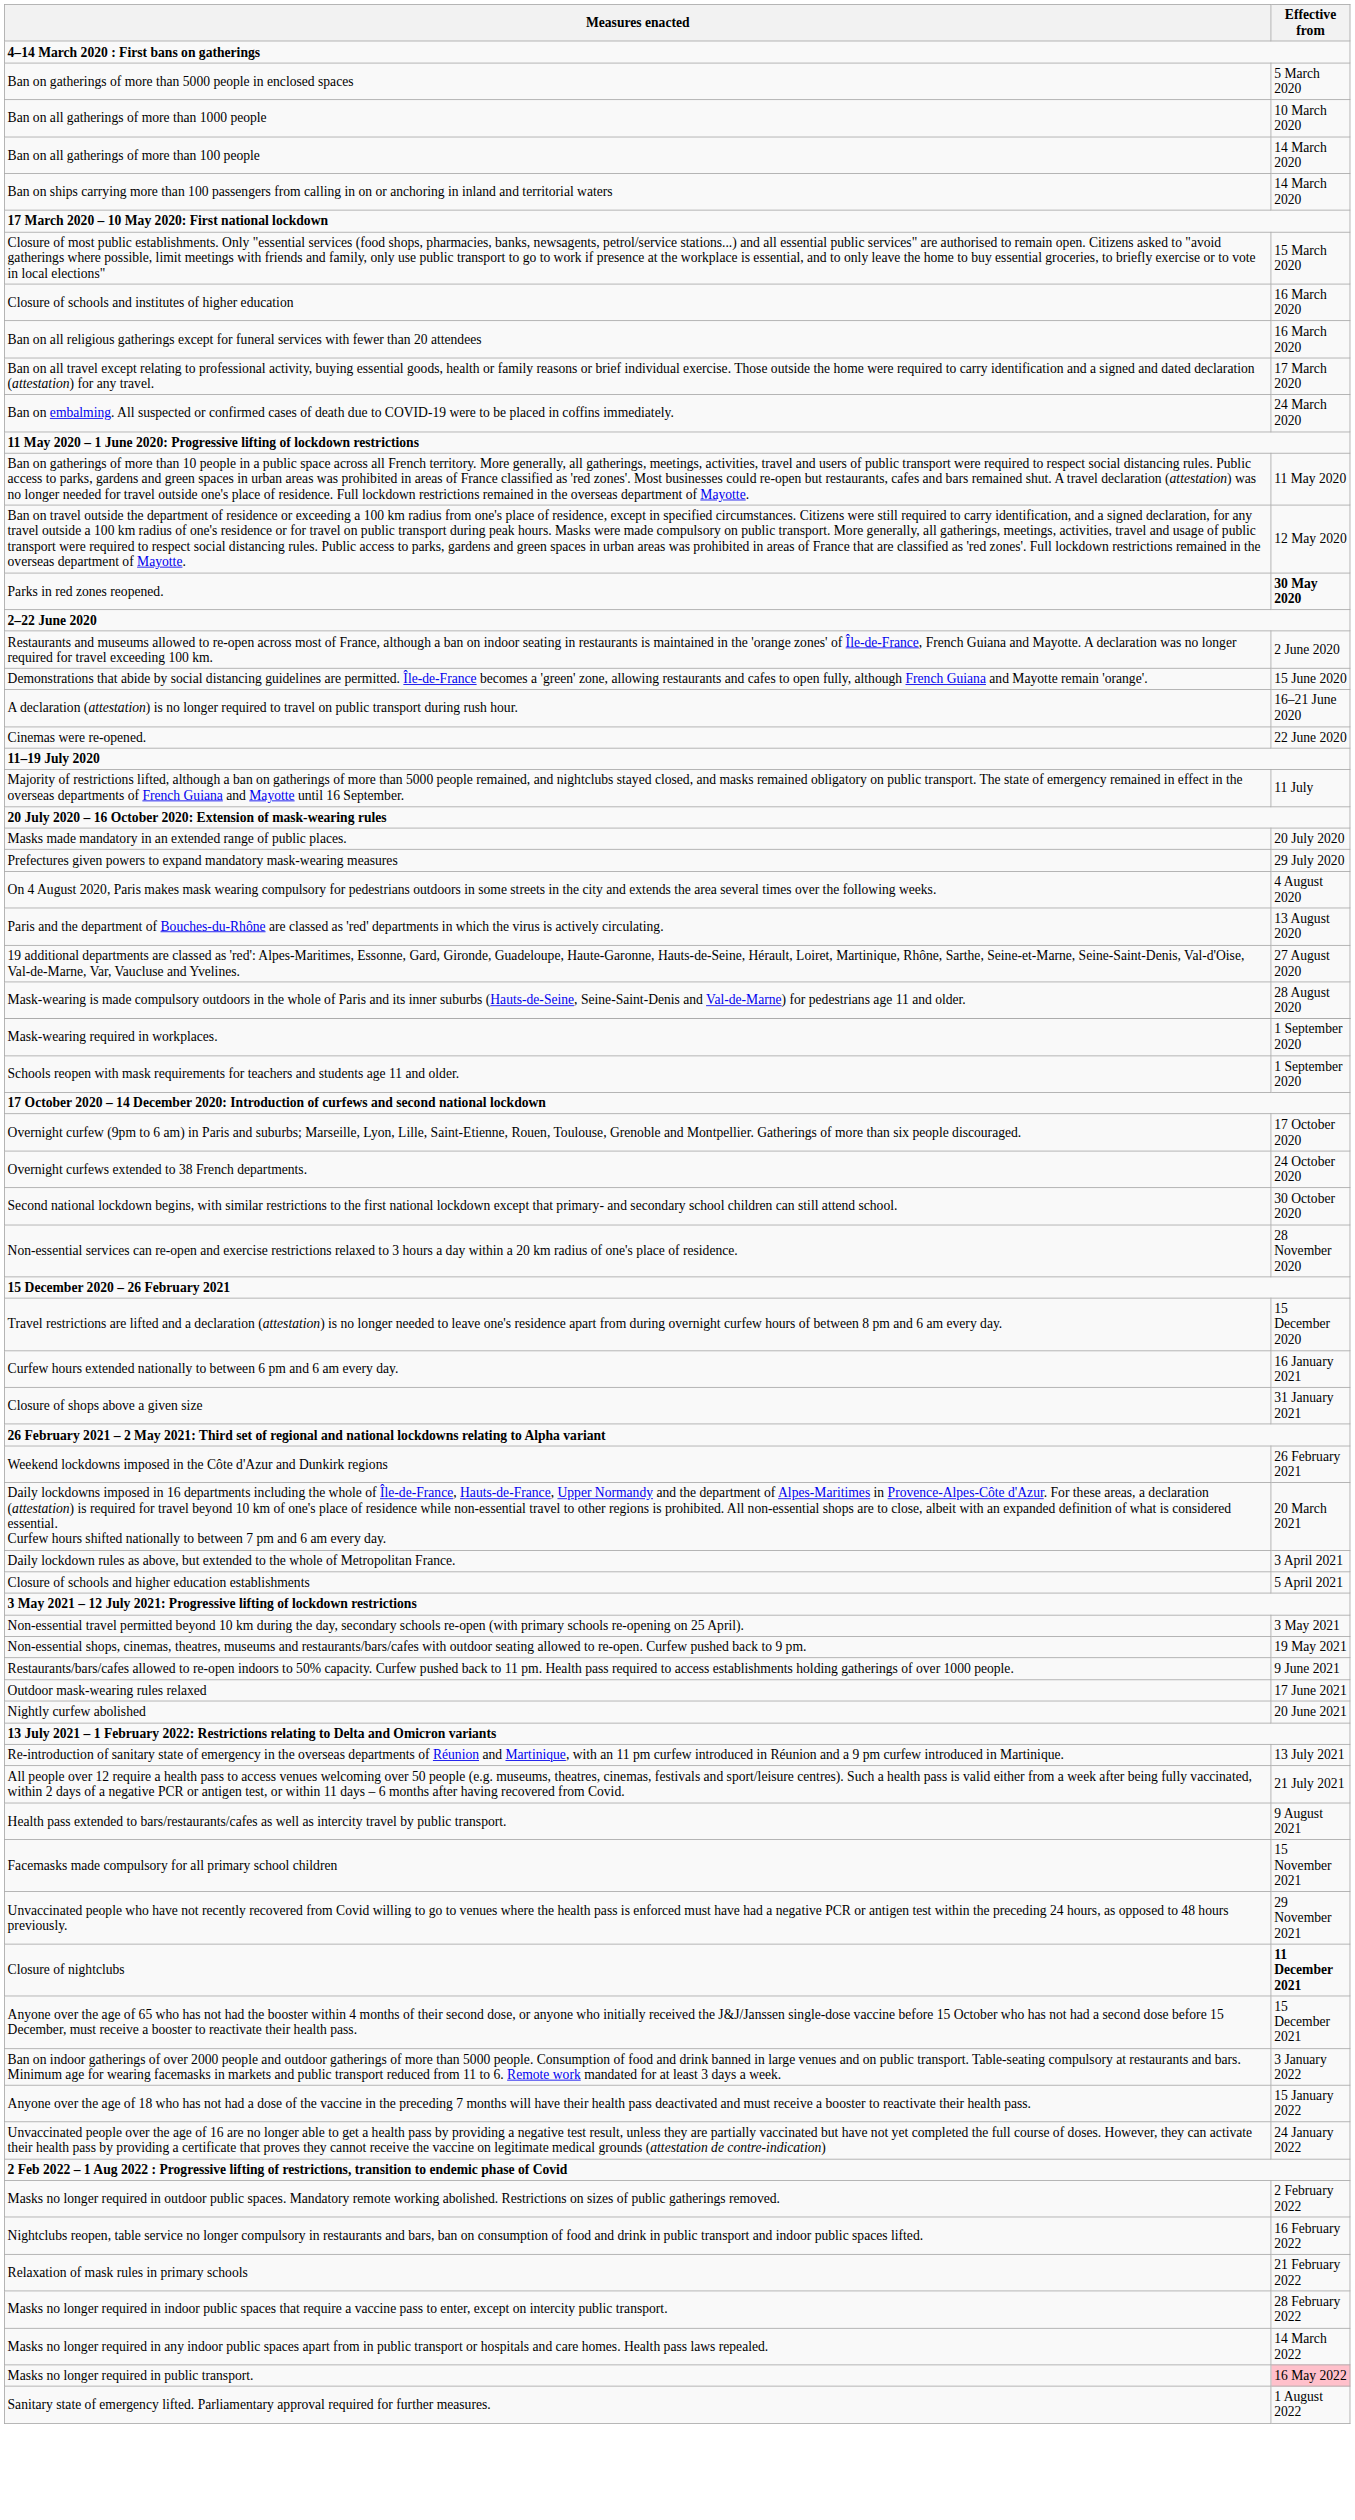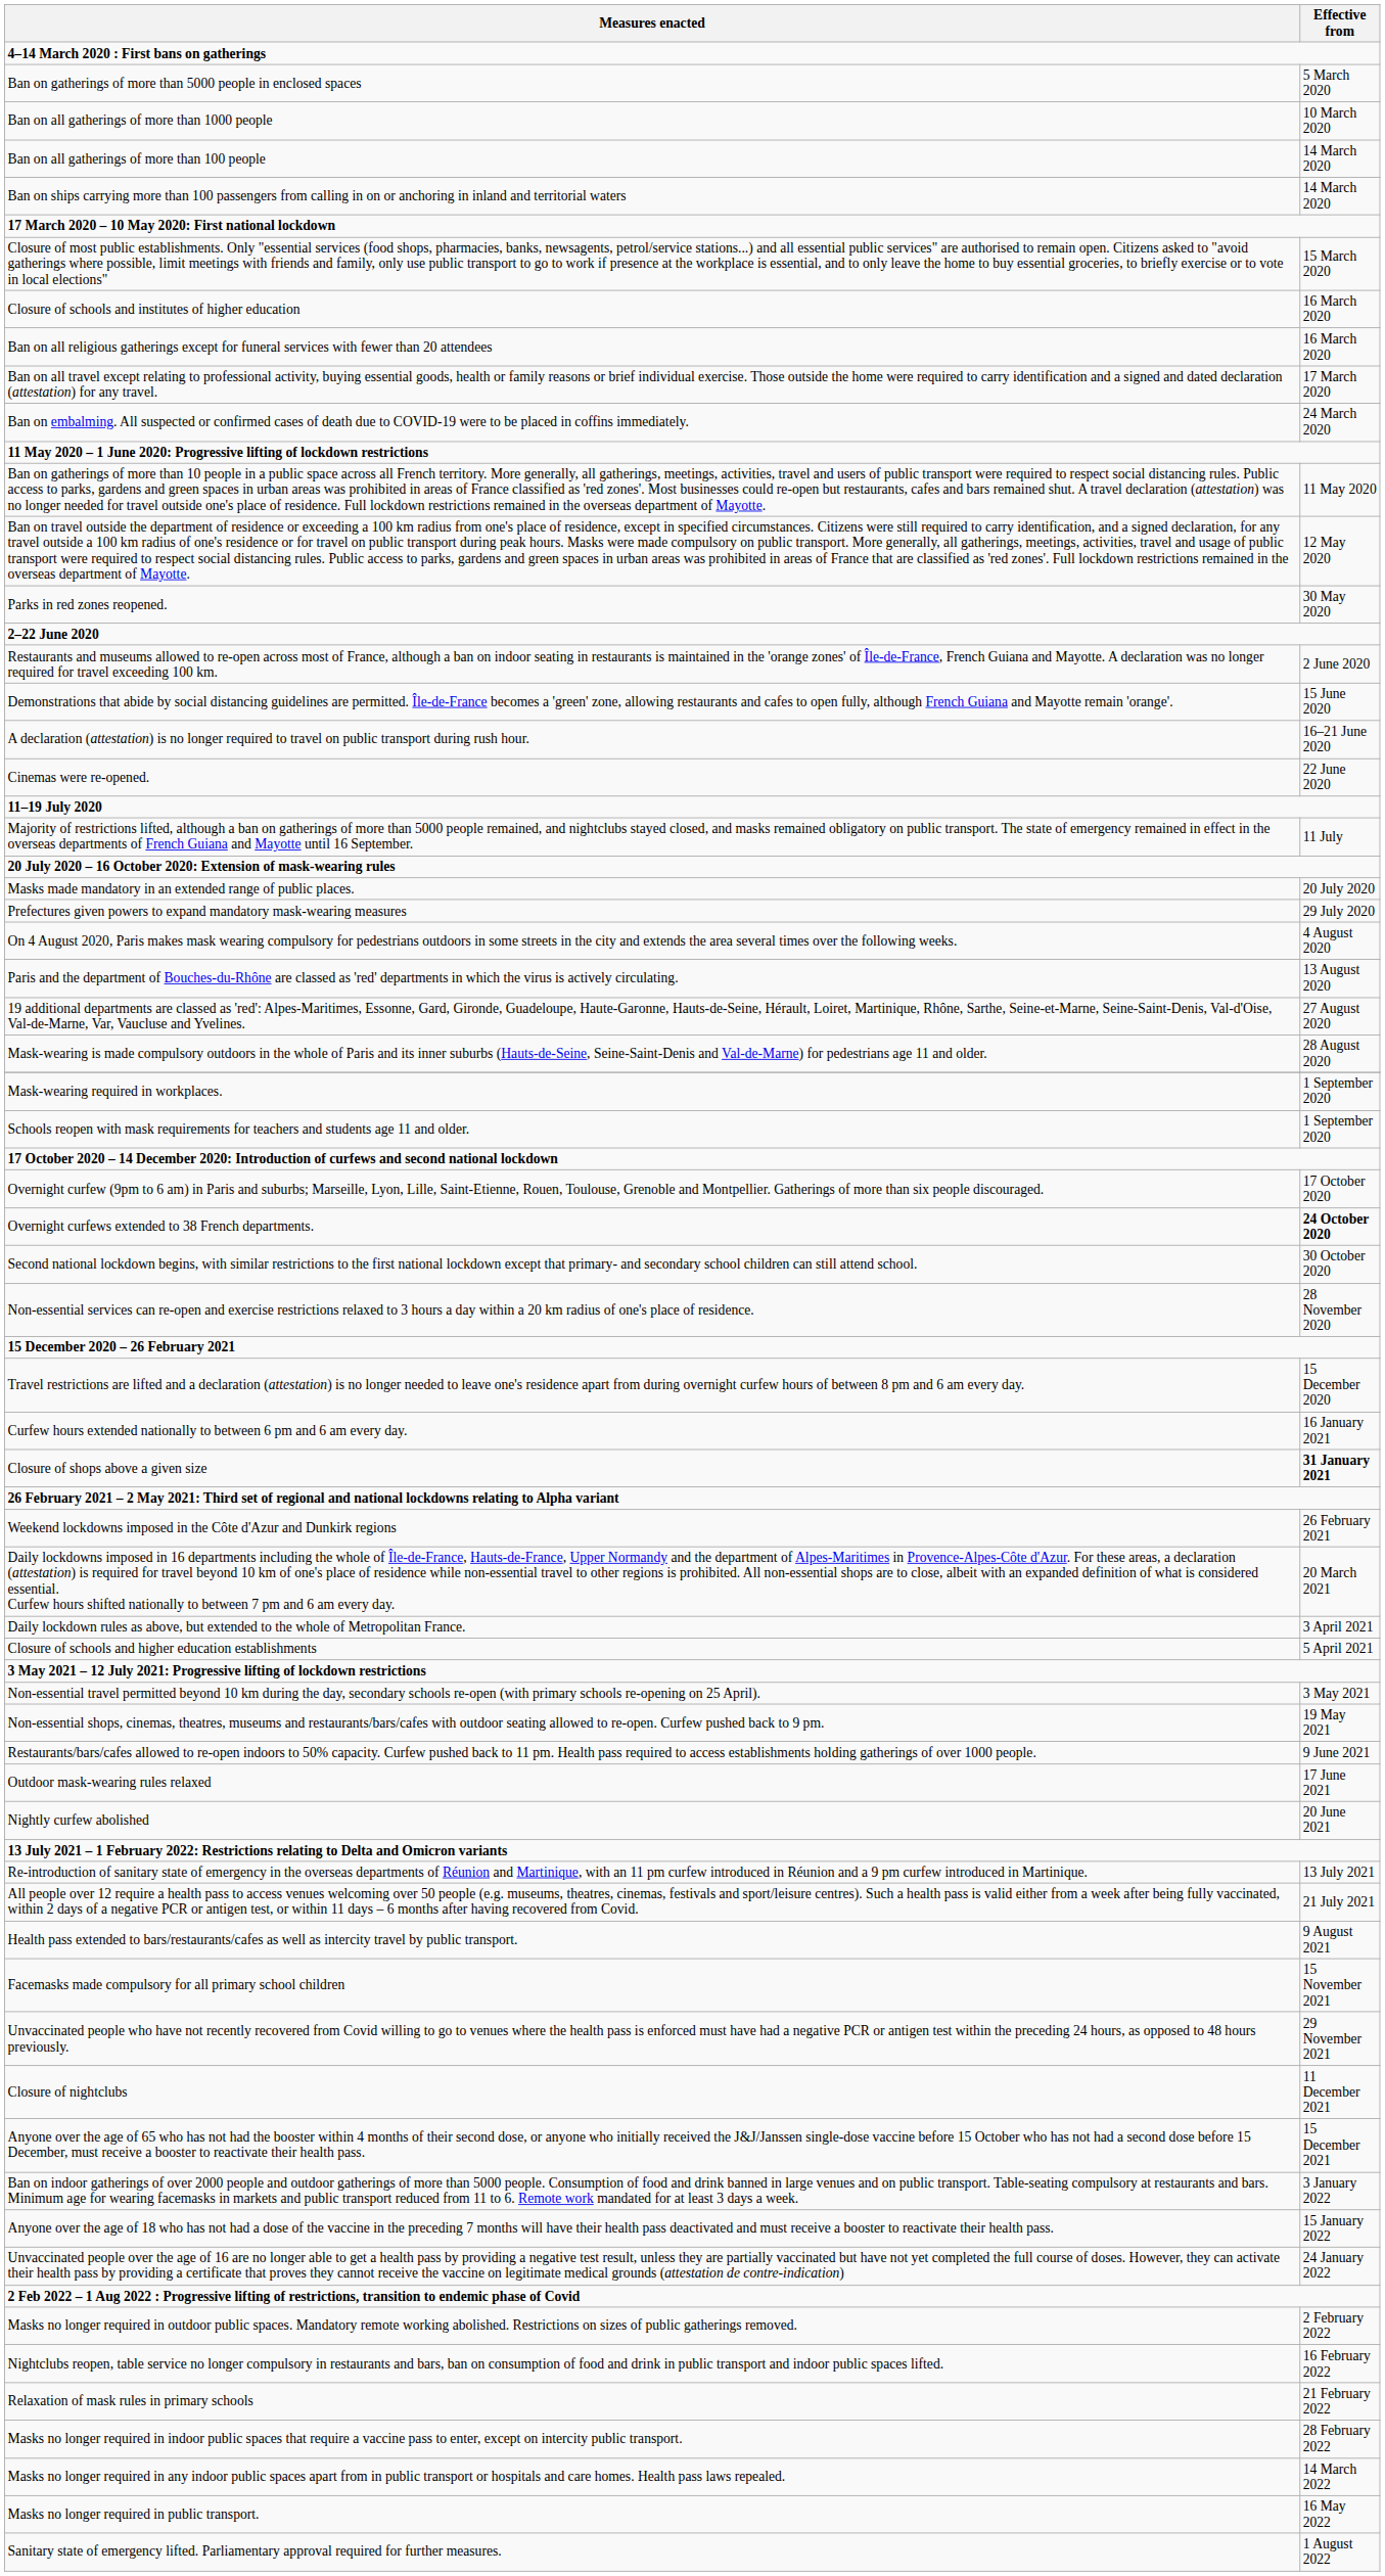 <table class="wikitable alternance" style="width:100%;">
 <tr>
 <th scope="col">Measures enacted</th>
 <th scope="col">Effective from</th>
 </tr>
 <tr>
 <td colspan=2><strong>4–14 March 2020 : First bans on gatherings</strong></td>
 </tr>
 <tr>
 <td>Ban on gatherings of more than 5000 people in enclosed spaces</td>
 <td>5 March 2020</td>
 </tr>
 <tr>
 <td>Ban on all gatherings of more than 1000 people</td>
 <td>10 March 2020</td>
 </tr>
 <tr>
 <td>Ban on all gatherings of more than 100 people</td>
 <td>14 March 2020</td>
 </tr>
 <tr>
 <td>Ban on ships carrying more than 100 passengers from calling in on or anchoring in inland and territorial waters</td>
 <td>14 March 2020</td>
 </tr>
 <tr>
 <td colspan=2><strong>17 March 2020 – 10 May 2020: First national lockdown</strong></td>
 </tr>
 <tr>
 <td>Closure of most public establishments. Only "essential services (food shops, pharmacies, banks, newsagents, petrol/service stations...) and all essential public services" are authorised to remain open. Citizens asked to "avoid gatherings where possible, limit meetings with friends and family, only use public transport to go to work if presence at the workplace is essential, and to only leave the home to buy essential groceries, to briefly exercise or to vote in local elections"</td>
 <td>15 March 2020</td>
 </tr>
 <tr>
 <td>Closure of schools and institutes of higher education</td>
 <td>16 March 2020</td>
 </tr>
 <tr>
 <td>Ban on all religious gatherings except for funeral services with fewer than 20 attendees</td>
 <td>16 March 2020</td>
 </tr>
 <tr>
 <td>Ban on all travel except relating to professional activity, buying essential goods, health or family reasons or brief individual exercise. Those outside the home were required to carry identification and a signed and dated declaration (<em>attestation</em>) for any travel.</td>
 <td>17 March 2020</td>
 </tr>
 <tr>
 <td>Ban on <a href='#'>embalming</a>. All suspected or confirmed cases of death due to COVID-19 were to be placed in coffins immediately.</td>
 <td>24 March 2020</td>
 </tr>
 <tr>
 <td colspan=2><strong>11 May 2020 – 1 June 2020: Progressive lifting of lockdown restrictions</strong></td>
 </tr>
 <tr>
 <td>Ban on gatherings of more than 10 people in a public space across all French territory. More generally, all gatherings, meetings, activities, travel and users of public transport were required to respect social distancing rules. Public access to parks, gardens and green spaces in urban areas was prohibited in areas of France classified as 'red zones'. Most businesses could re-open but restaurants, cafes and bars remained shut. A travel declaration (<em>attestation</em>) was no longer needed for travel outside one's place of residence. Full lockdown restrictions remained in the overseas department of <a href='#'>Mayotte</a>.</td>
 <td>11 May 2020</td>
 </tr>
 <tr>
 <td>Ban on travel outside the department of residence or exceeding a 100 km radius from one's place of residence, except in specified circumstances. Citizens were still required to carry identification, and a signed declaration, for any travel outside a 100 km radius of one's residence or for travel on public transport during peak hours. Masks were made compulsory on public transport. More generally, all gatherings, meetings, activities, travel and usage of public transport were required to respect social distancing rules. Public access to parks, gardens and green spaces in urban areas was prohibited in areas of France that are classified as 'red zones'. Full lockdown restrictions remained in the overseas department of <a href='#'>Mayotte</a>.</td>
 <td>12 May 2020</td>
 </tr>
 <tr>
 <td>Parks in red zones reopened.</td>
-<td><strong>30 May 2020</strong></td>
+<td>30 May 2020</td>
 </tr>
 <tr>
 <td colspan=2><strong>2–22 June 2020</strong></td>
 </tr>
 <tr>
 <td>Restaurants and museums allowed to re-open across most of France, although a ban on indoor seating in restaurants is maintained in the 'orange zones' of <a href='#'>Île-de-France</a>, French Guiana and Mayotte. A declaration was no longer required for travel exceeding 100 km.</td>
 <td>2 June 2020</td>
 </tr>
 <tr>
 <td>Demonstrations that abide by social distancing guidelines are permitted. <a href='#'>Île-de-France</a> becomes a 'green' zone, allowing restaurants and cafes to open fully, although <a href='#'>French Guiana</a> and Mayotte remain 'orange'.</td>
 <td>15 June 2020</td>
 </tr>
 <tr>
 <td>A declaration (<em>attestation</em>) is no longer required to travel on public transport during rush hour.</td>
 <td>16–21 June 2020</td>
 </tr>
 <tr>
 <td>Cinemas were re-opened.</td>
 <td>22 June 2020</td>
 </tr>
 <tr>
 <td colspan=2><strong>11–19 July 2020</strong></td>
 </tr>
 <tr>
 <td>Majority of restrictions lifted, although a ban on gatherings of more than 5000 people remained, and nightclubs stayed closed, and masks remained obligatory on public transport. The state of emergency remained in effect in the overseas departments of <a href='#'>French Guiana</a> and <a href='#'>Mayotte</a> until 16 September.</td>
 <td>11 July</td>
 </tr>
 <tr>
 <td colspan=2><strong>20 July 2020 – 16 October 2020: Extension of mask-wearing rules</strong></td>
 </tr>
 <tr>
 <td>Masks made mandatory in an extended range of public places.</td>
 <td>20 July 2020</td>
 </tr>
 <tr>
 <td>Prefectures given powers to expand mandatory mask-wearing measures</td>
 <td>29 July 2020</td>
 </tr>
 <tr>
 <td>On 4 August 2020, Paris makes mask wearing compulsory for pedestrians outdoors in some streets in the city and extends the area several times over the following weeks.</td>
 <td>4 August 2020</td>
 </tr>
 <tr>
 <td>Paris and the department of <a href='#'>Bouches-du-Rhône</a> are classed as 'red' departments in which the virus is actively circulating.</td>
 <td>13 August 2020</td>
 </tr>
 <tr>
 <td>19 additional departments are classed as 'red': Alpes-Maritimes, Essonne, Gard, Gironde, Guadeloupe, Haute-Garonne, Hauts-de-Seine, Hérault, Loiret, Martinique, Rhône, Sarthe, Seine-et-Marne, Seine-Saint-Denis, Val-d'Oise, Val-de-Marne, Var, Vaucluse and Yvelines.</td>
 <td>27 August 2020</td>
 </tr>
 <tr>
 <td>Mask-wearing is made compulsory outdoors in the whole of Paris and its inner suburbs (<a href='#'>Hauts-de-Seine</a>, Seine-Saint-Denis and <a href='#'>Val-de-Marne</a>) for pedestrians age 11 and older.</td>
 <td>28 August 2020</td>
 </tr>
 <tr>
 </tr>
 <tr>
 <td>Mask-wearing required in workplaces.</td>
 <td>1 September 2020</td>
 </tr>
 <tr>
 <td>Schools reopen with mask requirements for teachers and students age 11 and older.</td>
 <td>1 September 2020</td>
 </tr>
 <tr>
 <td colspan=2><strong>17 October 2020 – 14 December 2020: Introduction of curfews and second national lockdown </strong></td>
 </tr>
 <tr>
 <td>Overnight curfew (9pm to 6 am) in Paris and suburbs; Marseille, Lyon, Lille, Saint-Etienne, Rouen, Toulouse, Grenoble and Montpellier. Gatherings of more than six people discouraged.</td>
 <td>17 October 2020</td>
 </tr>
 <tr>
 <td>Overnight curfews extended to 38 French departments.</td>
-<td>24 October 2020</td>
+<td><strong>24 October 2020</strong></td>
 </tr>
 <tr>
 <td>Second national lockdown begins, with similar restrictions to the first national lockdown except that primary- and secondary school children can still attend school.</td>
 <td>30 October 2020</td>
 </tr>
 <tr>
 <td>Non-essential services can re-open and exercise restrictions relaxed to 3 hours a day within a 20 km radius of one's place of residence.</td>
 <td>28 November 2020</td>
 </tr>
 <tr>
 <td colspan=2><strong>15 December 2020 – 26 February 2021 </strong></td>
 </tr>
 <tr>
 <td>Travel restrictions are lifted and a declaration (<em>attestation</em>) is no longer needed to leave one's residence apart from during overnight curfew hours of between 8 pm and 6 am every day.</td>
 <td>15 December 2020</td>
 </tr>
 <tr>
 <td>Curfew hours extended nationally to between 6 pm and 6 am every day.</td>
 <td>16 January 2021</td>
 </tr>
 <tr>
 <td>Closure of shops above a given size</td>
-<td>31 January 2021</td>
+<td><strong>31 January 2021</strong></td>
 </tr>
 <tr>
 <td colspan=2><strong>26 February 2021 – 2 May 2021: Third set of regional and national lockdowns relating to Alpha variant</strong></td>
 </tr>
 <tr>
 <td>Weekend lockdowns imposed in the Côte d'Azur and Dunkirk regions</td>
 <td>26 February 2021</td>
 </tr>
 <tr>
 <td>Daily lockdowns imposed in 16 departments including the whole of <a href='#'>Île-de-France</a>, <a href='#'>Hauts-de-France</a>, <a href='#'>Upper Normandy</a> and the department of <a href='#'>Alpes-Maritimes</a> in <a href='#'>Provence-Alpes-Côte d'Azur</a>. For these areas, a declaration (<em>attestation</em>) is required for travel beyond 10 km of one's place of residence while non-essential travel to other regions is prohibited. All non-essential shops are to close, albeit with an expanded definition of what is considered essential.<br>Curfew hours shifted nationally to between 7 pm and 6 am every day.</td>
 <td>20 March 2021</td>
 </tr>
 <tr>
 <td>Daily lockdown rules as above, but extended to the whole of Metropolitan France.</td>
 <td>3 April 2021</td>
 </tr>
 <tr>
 <td>Closure of schools and higher education establishments</td>
 <td>5 April 2021</td>
 </tr>
 <tr>
 <td colspan=2><strong>3 May 2021 – 12 July 2021: Progressive lifting of lockdown restrictions</strong></td>
 </tr>
 <tr>
 <td>Non-essential travel permitted beyond 10 km during the day, secondary schools re-open (with primary schools re-opening on 25 April).</td>
 <td>3 May 2021</td>
 </tr>
 <tr>
 <td>Non-essential shops, cinemas, theatres, museums and restaurants/bars/cafes with outdoor seating allowed to re-open. Curfew pushed back to 9 pm.</td>
 <td>19 May 2021</td>
 </tr>
 <tr>
 <td>Restaurants/bars/cafes allowed to re-open indoors to 50% capacity. Curfew pushed back to 11 pm. Health pass required to access establishments holding gatherings of over 1000 people.</td>
 <td>9 June 2021</td>
 </tr>
 <tr>
 <td>Outdoor mask-wearing rules relaxed</td>
 <td>17 June 2021</td>
 </tr>
 <tr>
 <td>Nightly curfew abolished</td>
 <td>20 June 2021</td>
 </tr>
 <tr>
 <td colspan=2><strong>13 July 2021 – 1 February 2022: Restrictions relating to Delta and Omicron variants</strong></td>
 </tr>
 <tr>
 <td>Re-introduction of sanitary state of emergency in the overseas departments of <a href='#'>Réunion</a> and <a href='#'>Martinique</a>, with an 11 pm curfew introduced in Réunion and a 9 pm curfew introduced in Martinique.</td>
 <td>13 July 2021</td>
 </tr>
 <tr>
 <td>All people over 12 require a health pass to access venues welcoming over 50 people (e.g. museums, theatres, cinemas, festivals and sport/leisure centres). Such a health pass is valid either from a week after being fully vaccinated, within 2 days of a negative PCR or antigen test, or within 11 days – 6 months after having recovered from Covid.</td>
 <td>21 July 2021</td>
 </tr>
 <tr>
 <td>Health pass extended to bars/restaurants/cafes as well as intercity travel by public transport.</td>
 <td>9 August 2021</td>
 </tr>
 <tr>
 <td>Facemasks made compulsory for all primary school children</td>
 <td>15 November 2021</td>
 </tr>
 <tr>
 <td>Unvaccinated people who have not recently recovered from Covid willing to go to venues where the health pass is enforced must have had a negative PCR or antigen test within the preceding 24 hours, as opposed to 48 hours previously.</td>
 <td>29 November 2021</td>
 </tr>
 <tr>
 <td>Closure of nightclubs</td>
-<td><strong>11 December 2021</strong></td>
+<td>11 December 2021</td>
 </tr>
 <tr>
 <td>Anyone over the age of 65 who has not had the booster within 4 months of their second dose, or anyone who initially received the J&J/Janssen single-dose vaccine before 15 October who has not had a second dose before 15 December, must receive a booster to reactivate their health pass.</td>
 <td>15 December 2021</td>
 </tr>
 <tr>
 <td>Ban on indoor gatherings of over 2000 people and outdoor gatherings of more than 5000 people. Consumption of food and drink banned in large venues and on public transport. Table-seating compulsory at restaurants and bars. Minimum age for wearing facemasks in markets and public transport reduced from 11 to 6. <a href='#'>Remote work</a> mandated for at least 3 days a week.</td>
 <td>3 January 2022</td>
 </tr>
 <tr>
 <td>Anyone over the age of 18 who has not had a dose of the vaccine in the preceding 7 months will have their health pass deactivated and must receive a booster to reactivate their health pass.</td>
 <td>15 January 2022</td>
 </tr>
 <tr>
 <td>Unvaccinated people over the age of 16 are no longer able to get a health pass by providing a negative test result, unless they are partially vaccinated but have not yet completed the full course of doses. However, they can activate their health pass by providing a certificate that proves they cannot receive the vaccine on legitimate medical grounds (<em>attestation de contre-indication</em>)</td>
 <td>24 January 2022</td>
 </tr>
 <tr>
 <td colspan=2><strong>2 Feb 2022 – 1 Aug 2022 : Progressive lifting of restrictions, transition to endemic phase of Covid</strong></td>
 </tr>
 <tr>
 <td>Masks no longer required in outdoor public spaces. Mandatory remote working abolished. Restrictions on sizes of public gatherings removed.</td>
 <td>2 February 2022</td>
 </tr>
 <tr>
 <td>Nightclubs reopen, table service no longer compulsory in restaurants and bars, ban on consumption of food and drink in public transport and indoor public spaces lifted.</td>
 <td>16 February 2022</td>
 </tr>
 <tr>
 <td>Relaxation of mask rules in primary schools</td>
 <td>21 February 2022</td>
 </tr>
 <tr>
 <td>Masks no longer required in indoor public spaces that require a vaccine pass to enter, except on intercity public transport.</td>
 <td>28 February 2022</td>
 </tr>
 <tr>
 <td>Masks no longer required in any indoor public spaces apart from in public transport or hospitals and care homes. Health pass laws repealed.</td>
 <td>14 March 2022</td>
 </tr>
 <tr>
 <td>Masks no longer required in public transport.</td>
-<td style="background: pink;">16 May 2022</td>
+<td>16 May 2022</td>
 </tr>
 <tr>
 <td>Sanitary state of emergency lifted. Parliamentary approval required for further measures.</td>
 <td>1 August 2022</td>
 </tr>
 </table>
